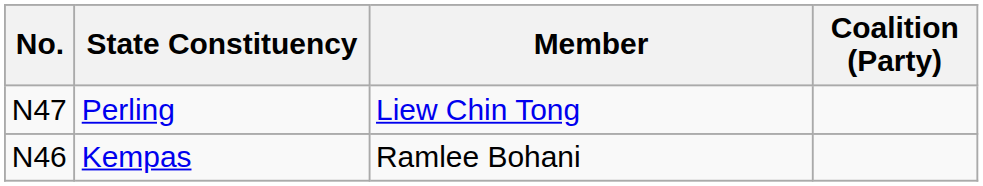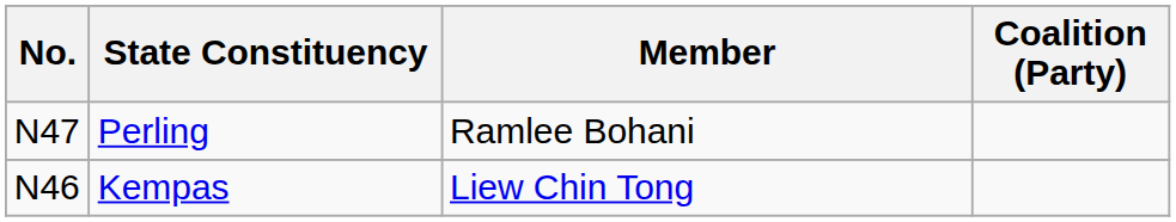 <table class="wikitable sortable">
 <tr>
 <th width="30">No.</th>
 <th width="150">State Constituency</th>
 <th width="230">Member</th>
 <th width="80">Coalition (Party)</th>
 </tr>
 <tr>
 <td>N47</td>
 <td><a href='#'>Perling</a></td>
-<td><a href='#'>Liew Chin Tong</a></td>
+<td>Ramlee Bohani</td>
 <td></td>
 </tr>
 <tr>
 <td>N46</td>
 <td><a href='#'>Kempas</a></td>
-<td>Ramlee Bohani</td>
+<td><a href='#'>Liew Chin Tong</a></td>
 <td></td>
 </tr>
 </table>
